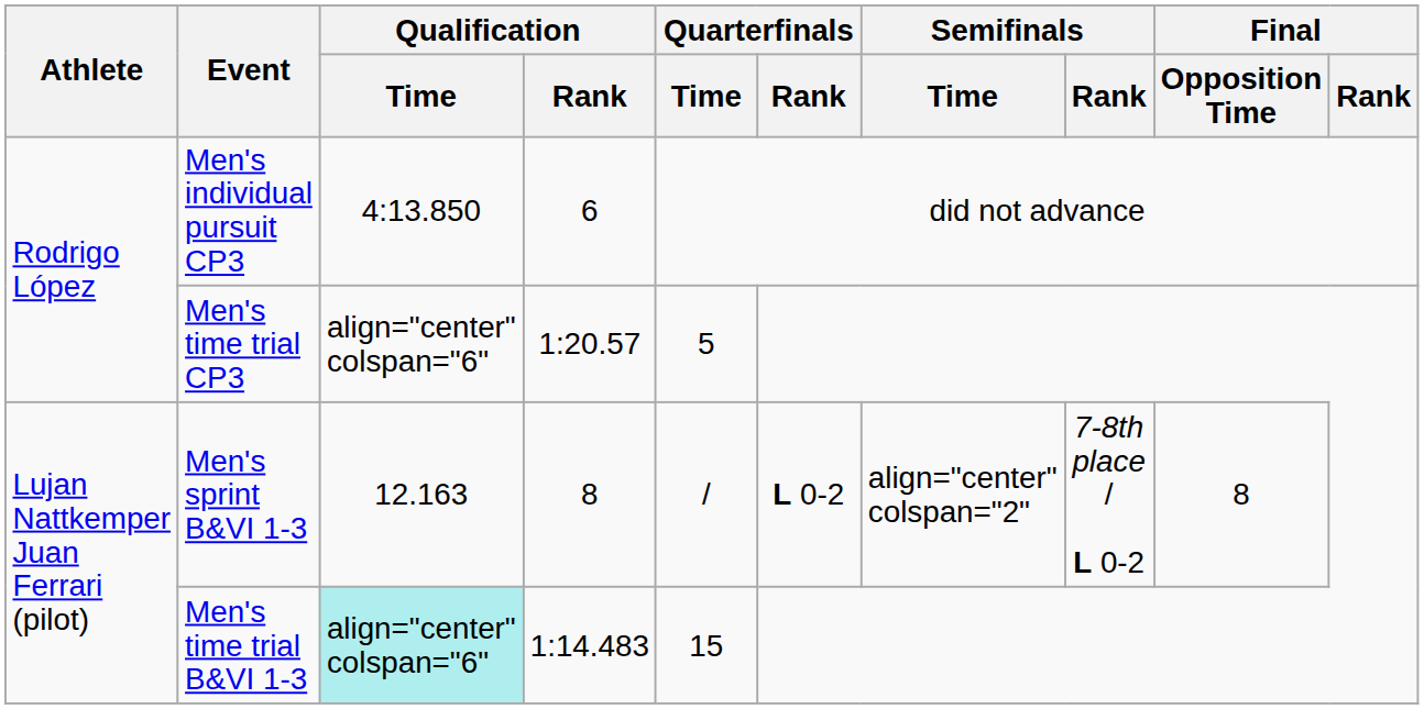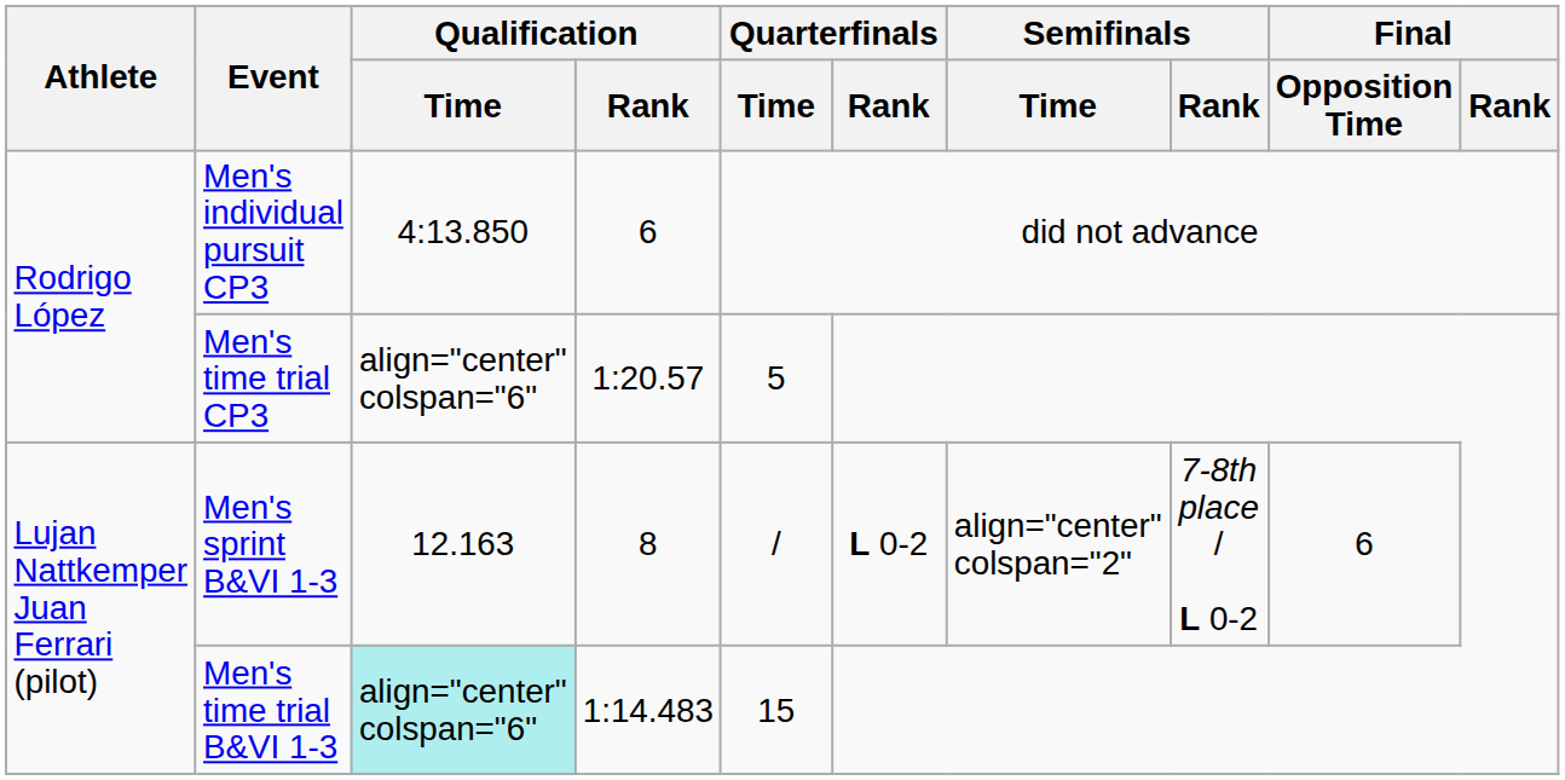 <table class=wikitable style="font-size:90%">
 <tr>
 <th rowspan="2">Athlete</th>
 <th rowspan="2">Event</th>
 <th colspan="2">Qualification</th>
 <th colspan="2">Quarterfinals</th>
 <th colspan="2">Semifinals</th>
 <th colspan="2">Final</th>
 </tr>
 <tr>
 <th>Time</th>
 <th>Rank</th>
 <th>Time</th>
 <th>Rank</th>
 <th>Time</th>
 <th>Rank</th>
 <th>Opposition<br>Time</th>
 <th>Rank</th>
 </tr>
 <tr>
 <td rowspan="2"><a href='#'>Rodrigo López</a></td>
 <td><a href='#'>Men's individual pursuit CP3</a></td>
 <td align="center">4:13.850</td>
 <td align="center">6</td>
 <td align="center" colspan="6">did not advance</td>
 </tr>
 <tr>
 <td><a href='#'>Men's time trial CP3</a></td>
 <td>align="center" colspan="6" </td>
 <td align="center">1:20.57</td>
 <td align="center">5</td>
 </tr>
 <tr>
 <td rowspan="2"><a href='#'>Lujan Nattkemper</a><br> <a href='#'>Juan Ferrari</a> (pilot)</td>
 <td><a href='#'>Men's sprint B&VI 1-3</a></td>
 <td align="center">12.163</td>
 <td align="center">8</td>
 <td align="center"> /<br></td>
 <td align="center"><strong>L</strong> 0-2</td>
 <td>align="center" colspan="2" </td>
 <td align="center"><em>7-8th place</em><br> /<br><br><strong>L</strong> 0-2</td>
-<td align="center">8</td>
+<td align="center">6</td>
 </tr>
 <tr>
 <td><a href='#'>Men's time trial B&VI 1-3</a></td>
 <td style="background: paleturquoise;">align="center" colspan="6" </td>
 <td align="center">1:14.483</td>
 <td align="center">15</td>
 </tr>
 </table>
